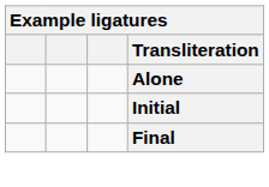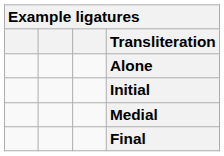 <table class="wikitable" style="text-align: center; display: inline-table;">
 <tr>
 <th colspan="4" style="text-align: left">Example ligatures</th>
 </tr>
 <tr>
 <th style="min-width: 1.75em"></th>
 <th style="min-width: 1.75em"></th>
 <th style="min-width: 1.75em"></th>
 <th style="text-align: left">Transliteration</th>
 </tr>
 <tr>
 <td></td>
 <td></td>
 <td></td>
 <th style="text-align: left">Alone</th>
 </tr>
 <tr>
 <td></td>
 <td></td>
 <td></td>
 <th style="text-align: left">Initial</th>
 </tr>
 <tr>
 <td></td>
 <td></td>
 <td></td>
+<th style="text-align: left">Medial</th>
+</tr>
+<tr>
+<td></td>
+<td></td>
+<td></td>
 <th style="text-align: left">Final</th>
 </tr>
 </table>
